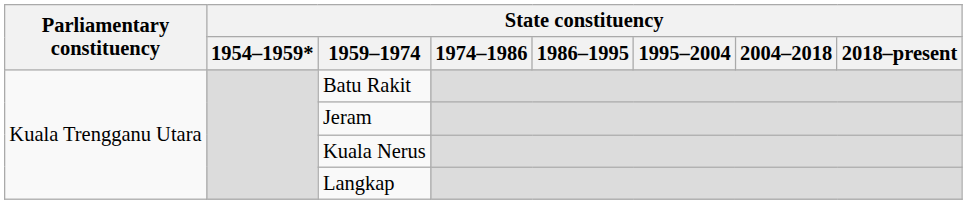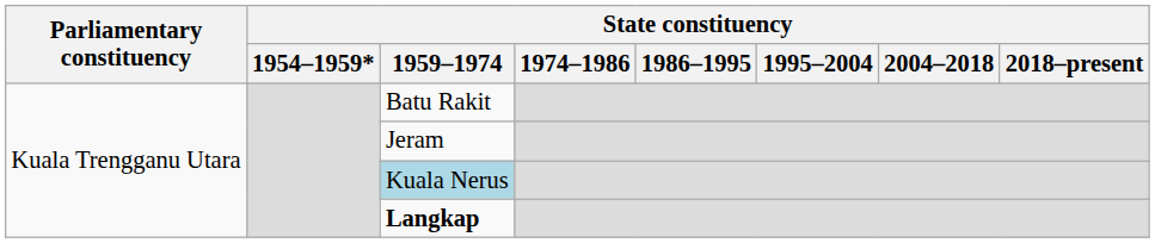 <table class="wikitable">
 <tr>
 <th rowspan="2">Parliamentary<br>constituency</th>
 <th colspan="7">State constituency</th>
 </tr>
 <tr>
 <th>1954–1959*</th>
 <th>1959–1974</th>
 <th>1974–1986</th>
 <th>1986–1995</th>
 <th>1995–2004</th>
 <th>2004–2018</th>
 <th>2018–present</th>
 </tr>
 <tr>
 <td rowspan="4">Kuala Trengganu Utara</td>
 <td rowspan="4" bgcolor="dcdcdc"></td>
 <td>Batu Rakit</td>
 <td colspan="5" bgcolor="dcdcdc"></td>
 </tr>
 <tr>
 <td>Jeram</td>
 <td colspan="5" bgcolor="dcdcdc"></td>
 </tr>
 <tr>
-<td>Kuala Nerus</td>
+<td style="background: lightblue;">Kuala Nerus</td>
 <td colspan="5" bgcolor="dcdcdc"></td>
 </tr>
 <tr>
-<td>Langkap</td>
+<td><strong>Langkap</strong></td>
 <td colspan="5" bgcolor="dcdcdc"></td>
 </tr>
 </table>
